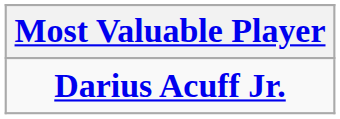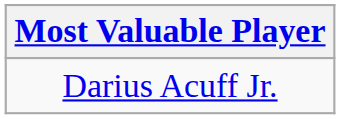 <table class=wikitable style="text-align:center; margin:auto">
 <tr>
 <th><a href='#'>Most Valuable Player</a></th>
 </tr>
 <tr>
-<td><strong> <a href='#'>Darius Acuff Jr.</a></strong></td>
+<td> <a href='#'>Darius Acuff Jr.</a></td>
 </tr>
 </table>
